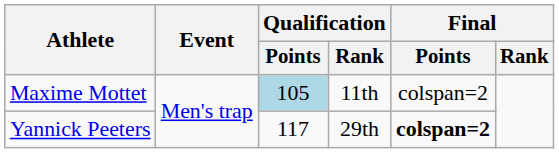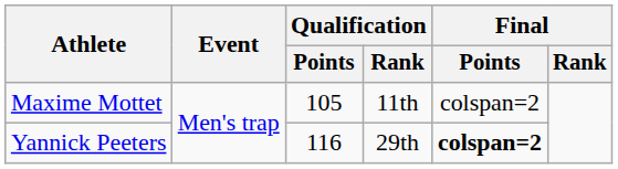 <table class="wikitable" style="font-size:90%">
 <tr>
 <th rowspan="2">Athlete</th>
 <th rowspan="2">Event</th>
 <th colspan=2>Qualification</th>
 <th colspan=2>Final</th>
 </tr>
 <tr style="font-size:95%">
 <th>Points</th>
 <th>Rank</th>
 <th>Points</th>
 <th>Rank</th>
 </tr>
 <tr align=center>
 <td align=left><a href='#'>Maxime Mottet</a></td>
 <td align=left rowspan=2><a href='#'>Men's trap</a></td>
-<td style="background: lightblue;">105</td>
+<td>105</td>
 <td>11th</td>
 <td>colspan=2 </td>
 </tr>
 <tr align=center>
 <td align=left><a href='#'>Yannick Peeters</a></td>
-<td>117</td>
+<td>116</td>
 <td>29th</td>
 <td><strong>colspan=2 </strong></td>
 </tr>
 </table>
